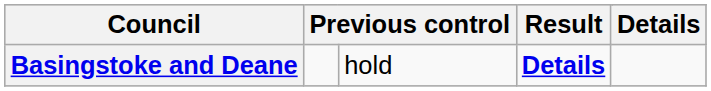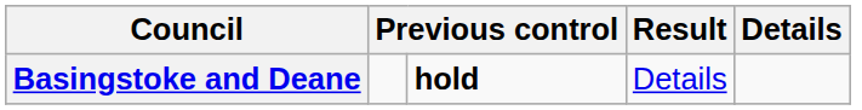 <table class="wikitable sortable" border="1">
 <tr>
 <th scope="col">Council</th>
 <th colspan=2>Previous control</th>
 <th colspan=2>Result</th>
 <th class="unsortable" scope="col">Details</th>
 </tr>
 <tr>
 <th scope="row" style="text-align: left;"><a href='#'>Basingstoke and Deane</a></th>
 <td></td>
-<td> hold</td>
-<td><strong><a href='#'>Details</a></strong></td>
+<td><strong> hold</strong></td>
+<td><a href='#'>Details</a></td>
 </tr>
 </table>
